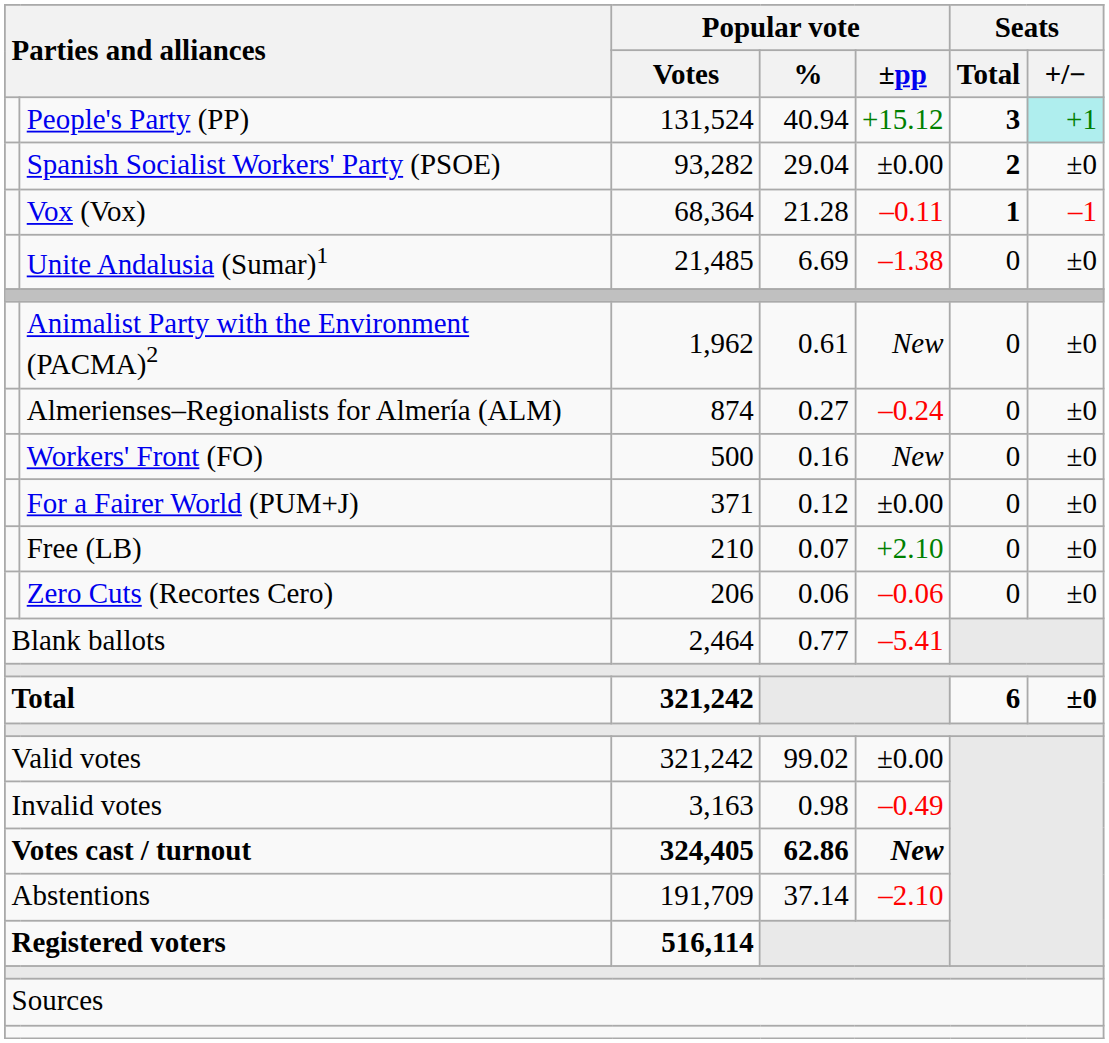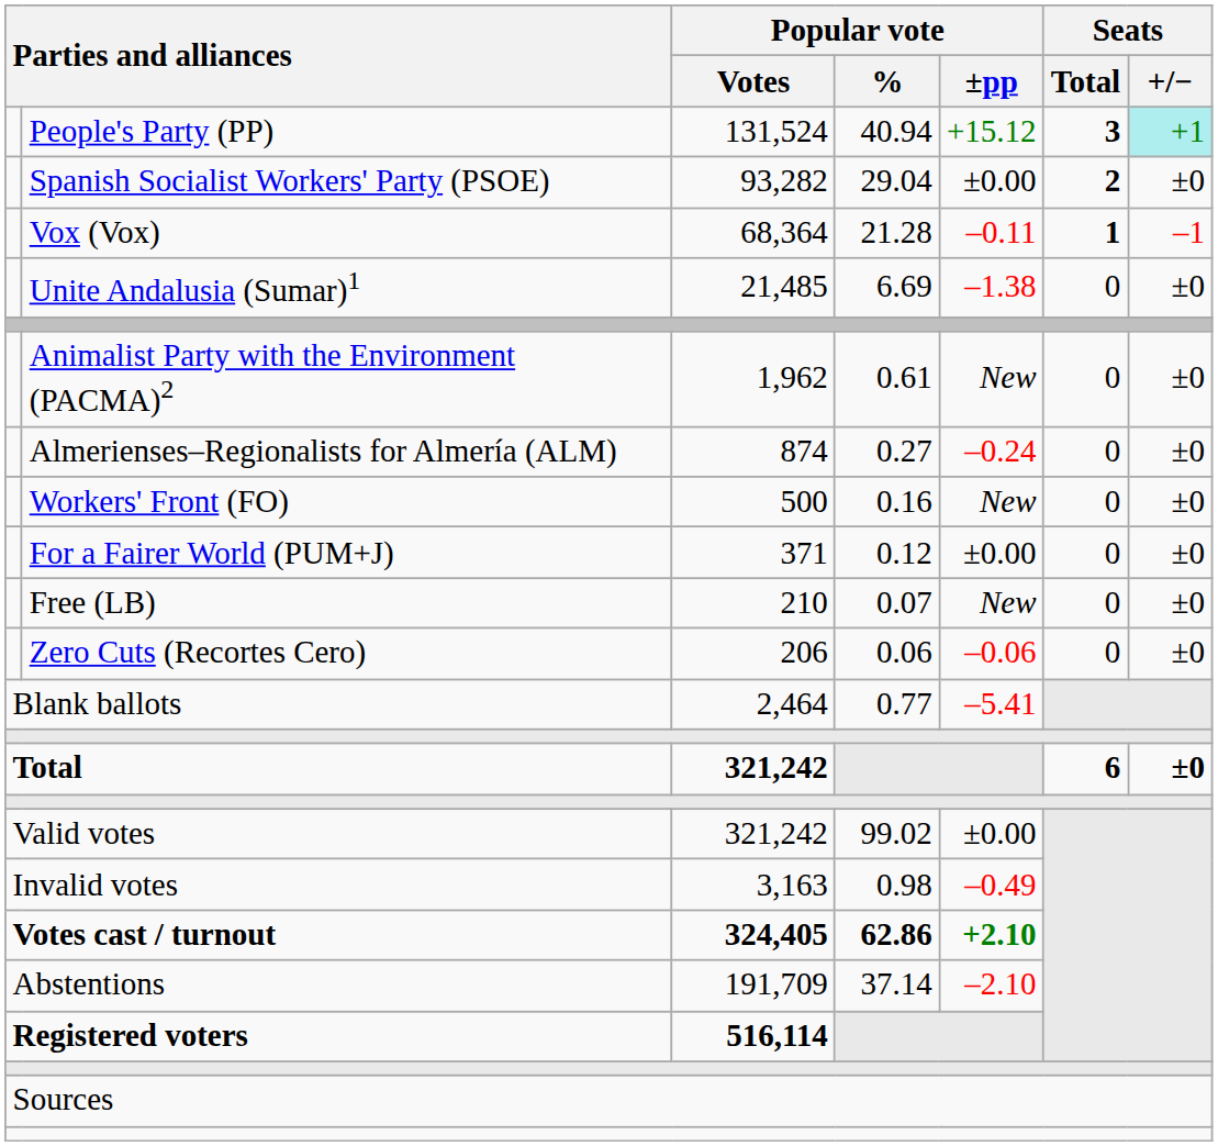 <table class="wikitable" style="text-align:right;">
 <tr>
 <th style="text-align:left;" rowspan="2" colspan="2" width="525">Parties and alliances</th>
 <th colspan="3">Popular vote</th>
 <th colspan="2">Seats</th>
 </tr>
 <tr>
 <th width="75">Votes</th>
 <th width="45">%</th>
 <th width="45">±<a href='#'>pp</a></th>
 <th width="35">Total</th>
 <th width="35">+/−</th>
 </tr>
 <tr>
 <td width="1" style="color:inherit;background:"></td>
 <td align="left"><a href='#'>People's Party</a> (PP)</td>
 <td>131,524</td>
 <td>40.94</td>
 <td style="color:green;">+15.12</td>
 <td><strong>3</strong></td>
 <td style="background: paleturquoise; color:green;">+1</td>
 </tr>
 <tr>
 <td style="color:inherit;background:"></td>
 <td align="left"><a href='#'>Spanish Socialist Workers' Party</a> (PSOE)</td>
 <td>93,282</td>
 <td>29.04</td>
 <td>±0.00</td>
 <td><strong>2</strong></td>
 <td>±0</td>
 </tr>
 <tr>
 <td style="color:inherit;background:"></td>
 <td align="left"><a href='#'>Vox</a> (Vox)</td>
 <td>68,364</td>
 <td>21.28</td>
 <td style="color:red;">–0.11</td>
 <td><strong>1</strong></td>
 <td style="color:red;">–1</td>
 </tr>
 <tr>
 <td style="color:inherit;background:"></td>
 <td align="left"><a href='#'>Unite Andalusia</a> (Sumar)<sup>1</sup></td>
 <td>21,485</td>
 <td>6.69</td>
 <td style="color:red;">–1.38</td>
 <td>0</td>
 <td>±0</td>
 </tr>
 <tr>
 <td colspan="7" bgcolor="#C0C0C0"></td>
 </tr>
 <tr>
 <td style="color:inherit;background:"></td>
 <td align="left"><a href='#'>Animalist Party with the Environment</a> (PACMA)<sup>2</sup></td>
 <td>1,962</td>
 <td>0.61</td>
 <td><em>New</em></td>
 <td>0</td>
 <td>±0</td>
 </tr>
 <tr>
 <td style="color:inherit;background:"></td>
 <td align="left">Almerienses–Regionalists for Almería (ALM)</td>
 <td>874</td>
 <td>0.27</td>
 <td style="color:red;">–0.24</td>
 <td>0</td>
 <td>±0</td>
 </tr>
 <tr>
 <td style="color:inherit;background:"></td>
 <td align="left"><a href='#'>Workers' Front</a> (FO)</td>
 <td>500</td>
 <td>0.16</td>
 <td><em>New</em></td>
 <td>0</td>
 <td>±0</td>
 </tr>
 <tr>
 <td style="color:inherit;background:"></td>
 <td align="left"><a href='#'>For a Fairer World</a> (PUM+J)</td>
 <td>371</td>
 <td>0.12</td>
 <td>±0.00</td>
 <td>0</td>
 <td>±0</td>
 </tr>
 <tr>
 <td style="color:inherit;background:"></td>
 <td align="left">Free (LB)</td>
 <td>210</td>
 <td>0.07</td>
-<td style="color:green;">+2.10</td>
+<td><em>New</em></td>
 <td>0</td>
 <td>±0</td>
 </tr>
 <tr>
 <td style="color:inherit;background:"></td>
 <td align="left"><a href='#'>Zero Cuts</a> (Recortes Cero)</td>
 <td>206</td>
 <td>0.06</td>
 <td style="color:red;">–0.06</td>
 <td>0</td>
 <td>±0</td>
 </tr>
 <tr>
 <td align="left" colspan="2">Blank ballots</td>
 <td>2,464</td>
 <td>0.77</td>
 <td style="color:red;">–5.41</td>
 <td bgcolor="#E9E9E9" colspan="2"></td>
 </tr>
 <tr>
 <td colspan="7" bgcolor="#E9E9E9"></td>
 </tr>
 <tr style="font-weight:bold;">
 <td align="left" colspan="2">Total</td>
 <td>321,242</td>
 <td bgcolor="#E9E9E9" colspan="2"></td>
 <td>6</td>
 <td>±0</td>
 </tr>
 <tr>
 <td colspan="7" bgcolor="#E9E9E9"></td>
 </tr>
 <tr>
 <td align="left" colspan="2">Valid votes</td>
 <td>321,242</td>
 <td>99.02</td>
 <td>±0.00</td>
 <td bgcolor="#E9E9E9" colspan="2" rowspan="5"></td>
 </tr>
 <tr>
 <td align="left" colspan="2">Invalid votes</td>
 <td>3,163</td>
 <td>0.98</td>
 <td style="color:red;">–0.49</td>
 </tr>
 <tr style="font-weight:bold;">
 <td align="left" colspan="2">Votes cast / turnout</td>
 <td>324,405</td>
 <td>62.86</td>
-<td><em>New</em></td>
+<td style="color:green;">+2.10</td>
 </tr>
 <tr>
 <td align="left" colspan="2">Abstentions</td>
 <td>191,709</td>
 <td>37.14</td>
 <td style="color:red;">–2.10</td>
 </tr>
 <tr style="font-weight:bold;">
 <td align="left" colspan="2">Registered voters</td>
 <td>516,114</td>
 <td bgcolor="#E9E9E9" colspan="2"></td>
 </tr>
 <tr>
 <td colspan="7" bgcolor="#E9E9E9"></td>
 </tr>
 <tr>
 <td align="left" colspan="7">Sources</td>
 </tr>
 <tr>
 <td colspan="7" style="text-align:left; max-width:790px;"></td>
 </tr>
 </table>
